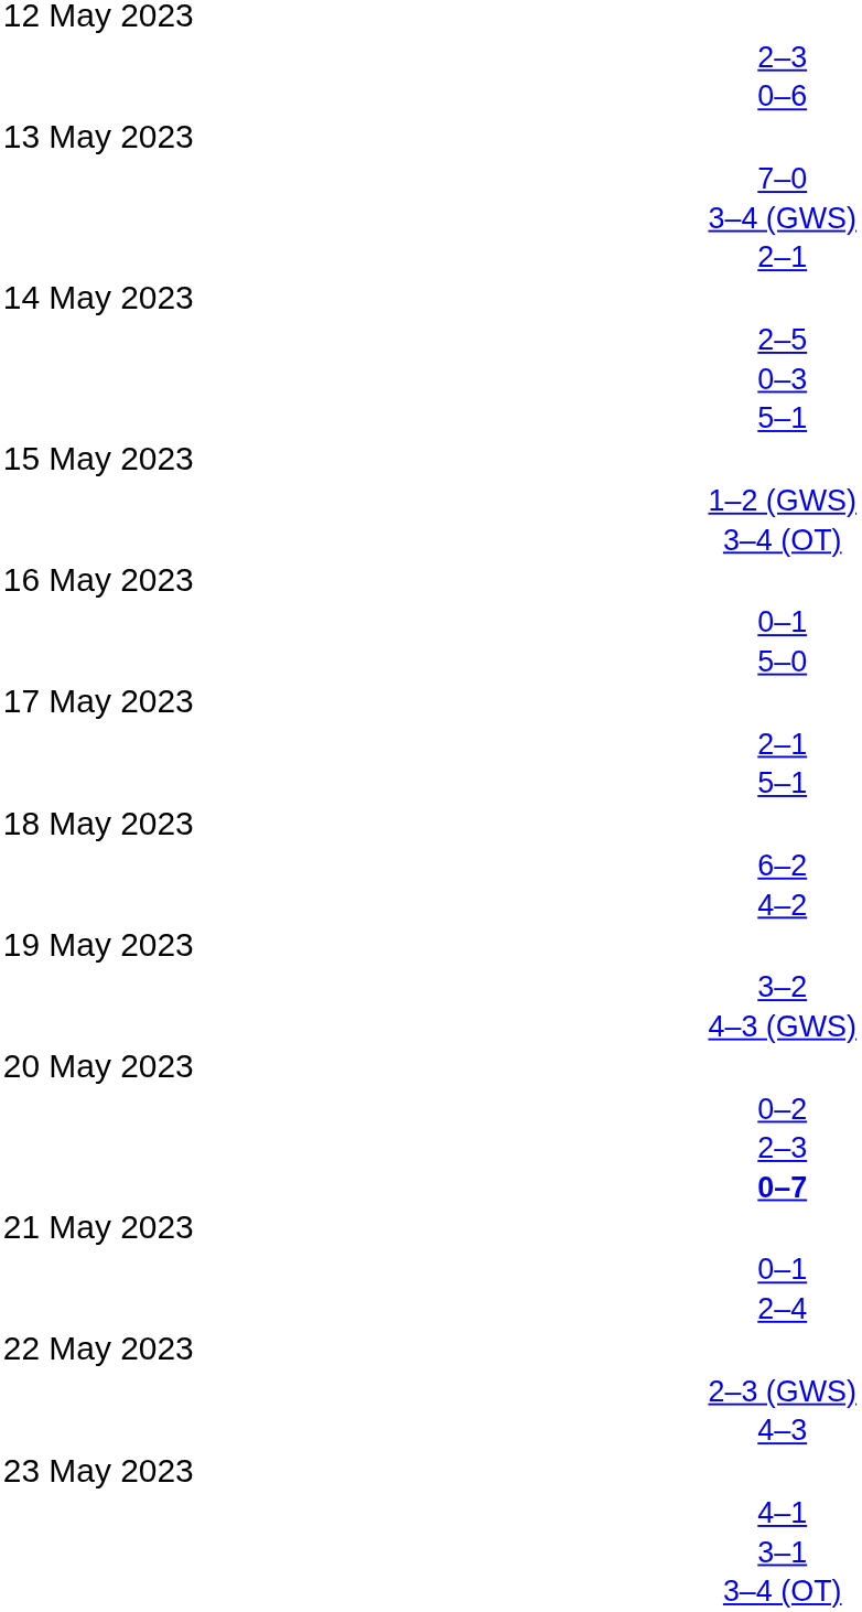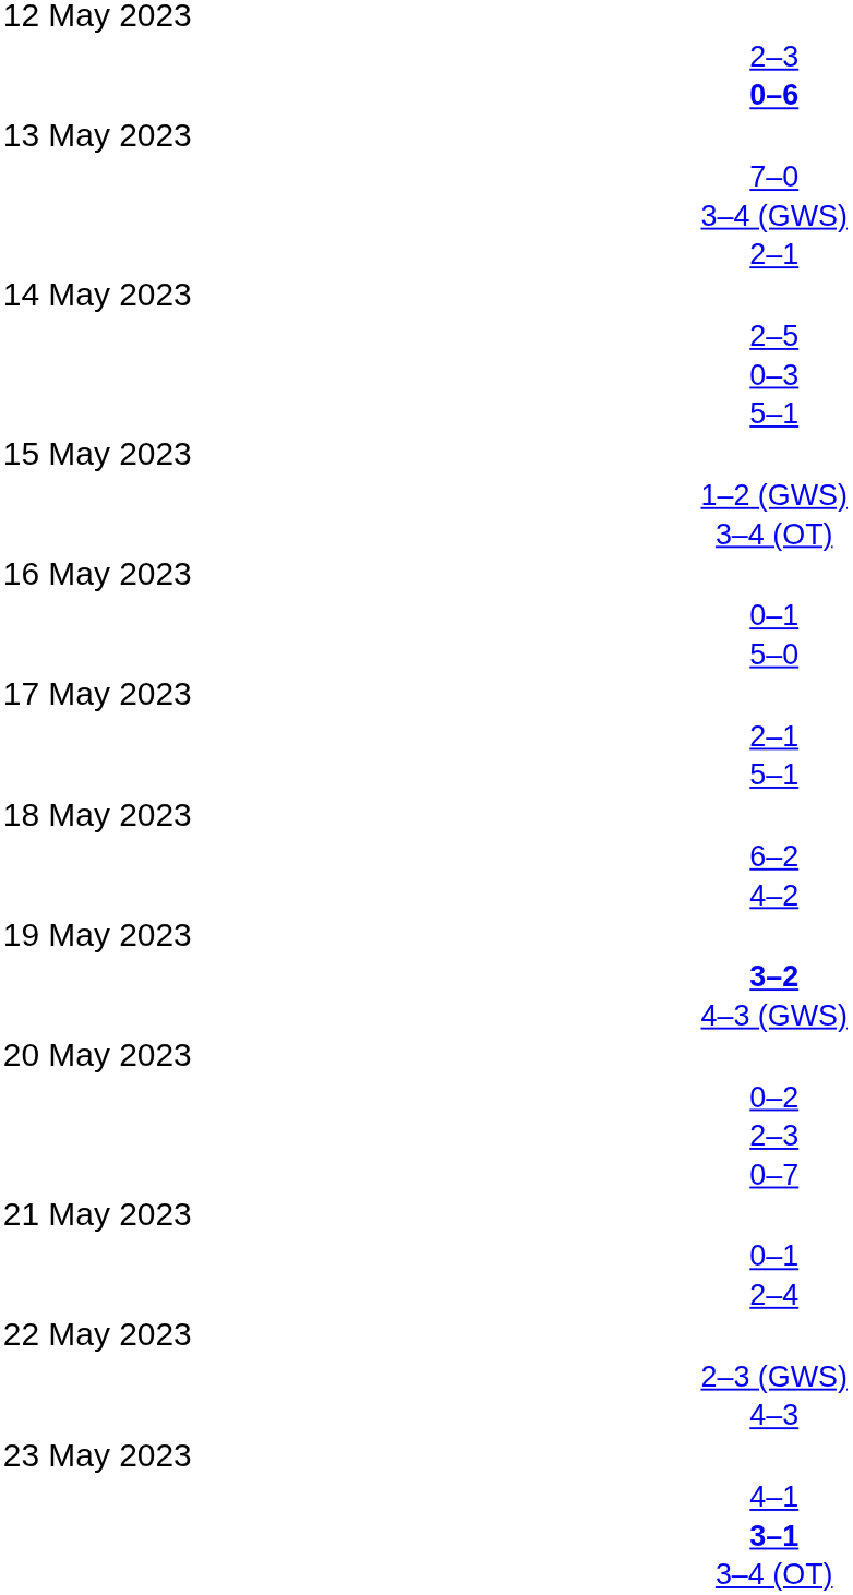 <table style="width:100%;" cellspacing="1">
 <tr>
 <th width=25%></th>
 <th width=2%></th>
 <th width=6%></th>
 <th width=2%></th>
 <th width=25%></th>
 </tr>
 <tr>
 <td>12 May 2023</td>
 </tr>
 <tr style=font-size:90%>
 <td align=right></td>
 <td></td>
 <td align=center><a href='#'>2–3</a></td>
 <td></td>
 <td></td>
 <td></td>
 </tr>
 <tr style=font-size:90%>
 <td align=right></td>
 <td></td>
-<td align=center><a href='#'>0–6</a></td>
+<td align=center><strong><a href='#'>0–6</a></strong></td>
 <td></td>
 <td></td>
 <td></td>
 </tr>
 <tr>
 <td>13 May 2023</td>
 </tr>
 <tr style=font-size:90%>
 <td align=right></td>
 <td></td>
 <td align=center><a href='#'>7–0</a></td>
 <td></td>
 <td></td>
 <td></td>
 </tr>
 <tr style=font-size:90%>
 <td align=right></td>
 <td></td>
 <td align=center><a href='#'>3–4 (GWS)</a></td>
 <td></td>
 <td></td>
 <td></td>
 </tr>
 <tr style=font-size:90%>
 <td align=right></td>
 <td></td>
 <td align=center><a href='#'>2–1</a></td>
 <td></td>
 <td></td>
 <td></td>
 </tr>
 <tr>
 <td>14 May 2023</td>
 </tr>
 <tr style=font-size:90%>
 <td align=right></td>
 <td></td>
 <td align=center><a href='#'>2–5</a></td>
 <td></td>
 <td></td>
 <td></td>
 </tr>
 <tr style=font-size:90%>
 <td align=right></td>
 <td></td>
 <td align=center><a href='#'>0–3</a></td>
 <td></td>
 <td></td>
 <td></td>
 </tr>
 <tr style=font-size:90%>
 <td align=right></td>
 <td></td>
 <td align=center><a href='#'>5–1</a></td>
 <td></td>
 <td></td>
 <td></td>
 </tr>
 <tr>
 <td>15 May 2023</td>
 </tr>
 <tr style=font-size:90%>
 <td align=right></td>
 <td></td>
 <td align=center><a href='#'>1–2 (GWS)</a></td>
 <td></td>
 <td></td>
 <td></td>
 </tr>
 <tr style=font-size:90%>
 <td align=right></td>
 <td></td>
 <td align=center><a href='#'>3–4 (OT)</a></td>
 <td></td>
 <td></td>
 <td></td>
 </tr>
 <tr>
 <td>16 May 2023</td>
 </tr>
 <tr style=font-size:90%>
 <td align=right></td>
 <td></td>
 <td align=center><a href='#'>0–1</a></td>
 <td></td>
 <td></td>
 <td></td>
 </tr>
 <tr style=font-size:90%>
 <td align=right></td>
 <td></td>
 <td align=center><a href='#'>5–0</a></td>
 <td></td>
 <td></td>
 <td></td>
 </tr>
 <tr>
 <td>17 May 2023</td>
 </tr>
 <tr style=font-size:90%>
 <td align=right></td>
 <td></td>
 <td align=center><a href='#'>2–1</a></td>
 <td></td>
 <td></td>
 <td></td>
 </tr>
 <tr style=font-size:90%>
 <td align=right></td>
 <td></td>
 <td align=center><a href='#'>5–1</a></td>
 <td></td>
 <td></td>
 <td></td>
 </tr>
 <tr>
 <td>18 May 2023</td>
 </tr>
 <tr style=font-size:90%>
 <td align=right></td>
 <td></td>
 <td align=center><a href='#'>6–2</a></td>
 <td></td>
 <td></td>
 <td></td>
 </tr>
 <tr style=font-size:90%>
 <td align=right></td>
 <td></td>
 <td align=center><a href='#'>4–2</a></td>
 <td></td>
 <td></td>
 <td></td>
 </tr>
 <tr>
 <td>19 May 2023</td>
 </tr>
 <tr style=font-size:90%>
 <td align=right></td>
 <td></td>
-<td align=center><a href='#'>3–2</a></td>
+<td align=center><strong><a href='#'>3–2</a></strong></td>
 <td></td>
 <td></td>
 <td></td>
 </tr>
 <tr style=font-size:90%>
 <td align=right></td>
 <td></td>
 <td align=center><a href='#'>4–3 (GWS)</a></td>
 <td></td>
 <td></td>
 <td></td>
 </tr>
 <tr>
 <td>20 May 2023</td>
 </tr>
 <tr style=font-size:90%>
 <td align=right></td>
 <td></td>
 <td align=center><a href='#'>0–2</a></td>
 <td></td>
 <td></td>
 <td></td>
 </tr>
 <tr style=font-size:90%>
 <td align=right></td>
 <td></td>
 <td align=center><a href='#'>2–3</a></td>
 <td></td>
 <td></td>
 <td></td>
 </tr>
 <tr style=font-size:90%>
 <td align=right></td>
 <td></td>
-<td align=center><strong><a href='#'>0–7</a></strong></td>
+<td align=center><a href='#'>0–7</a></td>
 <td></td>
 <td></td>
 <td></td>
 </tr>
 <tr>
 <td>21 May 2023</td>
 </tr>
 <tr style=font-size:90%>
 <td align=right></td>
 <td></td>
 <td align=center><a href='#'>0–1</a></td>
 <td></td>
 <td></td>
 <td></td>
 </tr>
 <tr style=font-size:90%>
 <td align=right></td>
 <td></td>
 <td align=center><a href='#'>2–4</a></td>
 <td></td>
 <td></td>
 <td></td>
 </tr>
 <tr>
 <td>22 May 2023</td>
 </tr>
 <tr style=font-size:90%>
 <td align=right></td>
 <td></td>
 <td align=center><a href='#'>2–3 (GWS)</a></td>
 <td></td>
 <td></td>
 <td></td>
 </tr>
 <tr style=font-size:90%>
 <td align=right></td>
 <td></td>
 <td align=center><a href='#'>4–3</a></td>
 <td></td>
 <td></td>
 <td></td>
 </tr>
 <tr>
 <td>23 May 2023</td>
 </tr>
 <tr style=font-size:90%>
 <td align=right></td>
 <td></td>
 <td align=center><a href='#'>4–1</a></td>
 <td></td>
 <td></td>
 <td></td>
 </tr>
 <tr style=font-size:90%>
 <td align=right></td>
 <td></td>
-<td align=center><a href='#'>3–1</a></td>
+<td align=center><strong><a href='#'>3–1</a></strong></td>
 <td></td>
 <td></td>
 <td></td>
 </tr>
 <tr style=font-size:90%>
 <td align=right></td>
 <td></td>
 <td align=center><a href='#'>3–4 (OT)</a></td>
 <td></td>
 <td></td>
 <td></td>
 </tr>
 </table>
